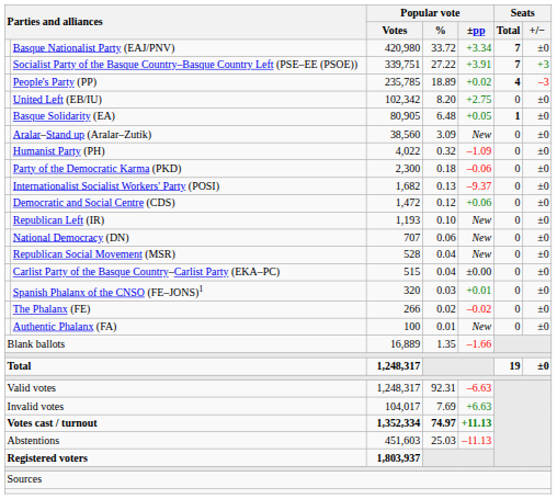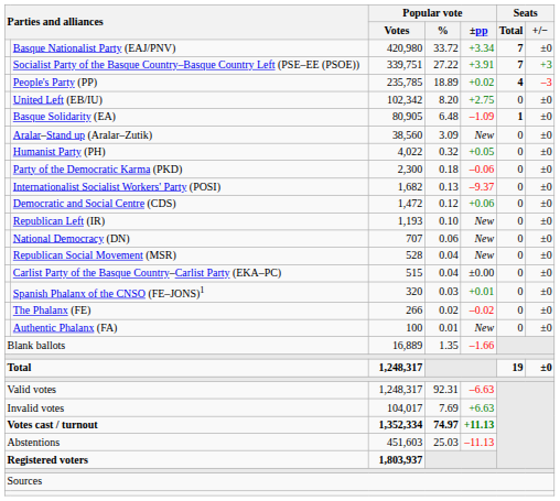 <table class="wikitable" style="text-align:right;">
 <tr>
 <th style="text-align:left;" rowspan="2" colspan="2" width="525">Parties and alliances</th>
 <th colspan="3">Popular vote</th>
 <th colspan="2">Seats</th>
 </tr>
 <tr>
 <th width="75">Votes</th>
 <th width="45">%</th>
 <th width="45">±<a href='#'>pp</a></th>
 <th width="35">Total</th>
 <th width="35">+/−</th>
 </tr>
 <tr>
 <td width="1" style="color:inherit;background:"></td>
 <td align="left"><a href='#'>Basque Nationalist Party</a> (EAJ/PNV)</td>
 <td>420,980</td>
 <td>33.72</td>
 <td style="color:green;">+3.34</td>
 <td><strong>7</strong></td>
 <td>±0</td>
 </tr>
 <tr>
 <td style="color:inherit;background:"></td>
 <td align="left"><a href='#'>Socialist Party of the Basque Country–Basque Country Left</a> (PSE–EE (PSOE))</td>
 <td>339,751</td>
 <td>27.22</td>
 <td style="color:green;">+3.91</td>
 <td><strong>7</strong></td>
 <td style="color:green;">+3</td>
 </tr>
 <tr>
 <td style="color:inherit;background:"></td>
 <td align="left"><a href='#'>People's Party</a> (PP)</td>
 <td>235,785</td>
 <td>18.89</td>
 <td style="color:green;">+0.02</td>
 <td><strong>4</strong></td>
 <td style="color:red;">–3</td>
 </tr>
 <tr>
 <td style="color:inherit;background:"></td>
 <td align="left"><a href='#'>United Left</a> (EB/IU)</td>
 <td>102,342</td>
 <td>8.20</td>
 <td style="color:green;">+2.75</td>
 <td>0</td>
 <td>±0</td>
 </tr>
 <tr>
 <td style="color:inherit;background:"></td>
 <td align="left"><a href='#'>Basque Solidarity</a> (EA)</td>
 <td>80,905</td>
 <td>6.48</td>
-<td style="color:green;">+0.05</td>
+<td style="color:red;">–1.09</td>
 <td><strong>1</strong></td>
 <td>±0</td>
 </tr>
 <tr>
 <td style="color:inherit;background:"></td>
 <td align="left"><a href='#'>Aralar</a>–<a href='#'>Stand up</a> (Aralar–Zutik)</td>
 <td>38,560</td>
 <td>3.09</td>
 <td><em>New</em></td>
 <td>0</td>
 <td>±0</td>
 </tr>
 <tr>
 <td style="color:inherit;background:"></td>
 <td align="left"><a href='#'>Humanist Party</a> (PH)</td>
 <td>4,022</td>
 <td>0.32</td>
-<td style="color:red;">–1.09</td>
+<td style="color:green;">+0.05</td>
 <td>0</td>
 <td>±0</td>
 </tr>
 <tr>
 <td style="color:inherit;background:"></td>
 <td align="left"><a href='#'>Party of the Democratic Karma</a> (PKD)</td>
 <td>2,300</td>
 <td>0.18</td>
 <td style="color:red;">–0.06</td>
 <td>0</td>
 <td>±0</td>
 </tr>
 <tr>
 <td style="color:inherit;background:"></td>
 <td align="left"><a href='#'>Internationalist Socialist Workers' Party</a> (POSI)</td>
 <td>1,682</td>
 <td>0.13</td>
 <td style="color:red;">–9.37</td>
 <td>0</td>
 <td>±0</td>
 </tr>
 <tr>
 <td style="color:inherit;background:"></td>
 <td align="left"><a href='#'>Democratic and Social Centre</a> (CDS)</td>
 <td>1,472</td>
 <td>0.12</td>
 <td style="color:green;">+0.06</td>
 <td>0</td>
 <td>±0</td>
 </tr>
 <tr>
 <td style="color:inherit;background:"></td>
 <td align="left"><a href='#'>Republican Left</a> (IR)</td>
 <td>1,193</td>
 <td>0.10</td>
 <td><em>New</em></td>
 <td>0</td>
 <td>±0</td>
 </tr>
 <tr>
 <td style="color:inherit;background:"></td>
 <td align="left"><a href='#'>National Democracy</a> (DN)</td>
 <td>707</td>
 <td>0.06</td>
 <td><em>New</em></td>
 <td>0</td>
 <td>±0</td>
 </tr>
 <tr>
 <td style="color:inherit;background:"></td>
 <td align="left"><a href='#'>Republican Social Movement</a> (MSR)</td>
 <td>528</td>
 <td>0.04</td>
 <td><em>New</em></td>
 <td>0</td>
 <td>±0</td>
 </tr>
 <tr>
 <td style="color:inherit;background:"></td>
 <td align="left"><a href='#'>Carlist Party of the Basque Country</a>–<a href='#'>Carlist Party</a> (EKA–PC)</td>
 <td>515</td>
 <td>0.04</td>
 <td>±0.00</td>
 <td>0</td>
 <td>±0</td>
 </tr>
 <tr>
 <td style="color:inherit;background:"></td>
 <td align="left"><a href='#'>Spanish Phalanx of the CNSO</a> (FE–JONS)<sup>1</sup></td>
 <td>320</td>
 <td>0.03</td>
 <td style="color:green;">+0.01</td>
 <td>0</td>
 <td>±0</td>
 </tr>
 <tr>
 <td style="color:inherit;background:"></td>
 <td align="left"><a href='#'>The Phalanx</a> (FE)</td>
 <td>266</td>
 <td>0.02</td>
 <td style="color:red;">–0.02</td>
 <td>0</td>
 <td>±0</td>
 </tr>
 <tr>
 <td style="color:inherit;background:"></td>
 <td align="left"><a href='#'>Authentic Phalanx</a> (FA)</td>
 <td>100</td>
 <td>0.01</td>
 <td><em>New</em></td>
 <td>0</td>
 <td>±0</td>
 </tr>
 <tr>
 <td align="left" colspan="2">Blank ballots</td>
 <td>16,889</td>
 <td>1.35</td>
 <td style="color:red;">–1.66</td>
 <td bgcolor="#E9E9E9" colspan="2"></td>
 </tr>
 <tr>
 <td colspan="7" bgcolor="#E9E9E9"></td>
 </tr>
 <tr style="font-weight:bold;">
 <td align="left" colspan="2">Total</td>
 <td>1,248,317</td>
 <td bgcolor="#E9E9E9" colspan="2"></td>
 <td>19</td>
 <td>±0</td>
 </tr>
 <tr>
 <td colspan="7" bgcolor="#E9E9E9"></td>
 </tr>
 <tr>
 <td align="left" colspan="2">Valid votes</td>
 <td>1,248,317</td>
 <td>92.31</td>
 <td style="color:red;">–6.63</td>
 <td bgcolor="#E9E9E9" colspan="2" rowspan="5"></td>
 </tr>
 <tr>
 <td align="left" colspan="2">Invalid votes</td>
 <td>104,017</td>
 <td>7.69</td>
 <td style="color:green;">+6.63</td>
 </tr>
 <tr style="font-weight:bold;">
 <td align="left" colspan="2">Votes cast / turnout</td>
 <td>1,352,334</td>
 <td>74.97</td>
 <td style="color:green;">+11.13</td>
 </tr>
 <tr>
 <td align="left" colspan="2">Abstentions</td>
 <td>451,603</td>
 <td>25.03</td>
 <td style="color:red;">–11.13</td>
 </tr>
 <tr style="font-weight:bold;">
 <td align="left" colspan="2">Registered voters</td>
 <td>1,803,937</td>
 <td bgcolor="#E9E9E9" colspan="2"></td>
 </tr>
 <tr>
 <td colspan="7" bgcolor="#E9E9E9"></td>
 </tr>
 <tr>
 <td align="left" colspan="7">Sources</td>
 </tr>
 <tr>
 <td colspan="7" style="text-align:left; max-width:790px;"></td>
 </tr>
 </table>
